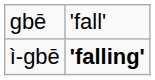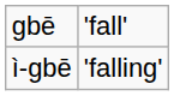 <table class="wikitable">
 <tr>
 <td>gbē</td>
 <td>'fall'</td>
 </tr>
 <tr>
 <td>ì-gbē</td>
-<td><strong>'falling'</strong></td>
+<td>'falling'</td>
 </tr>
 </table>
